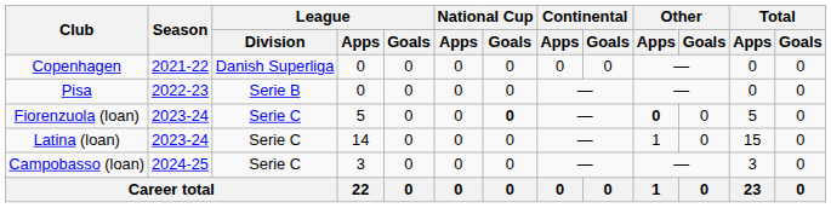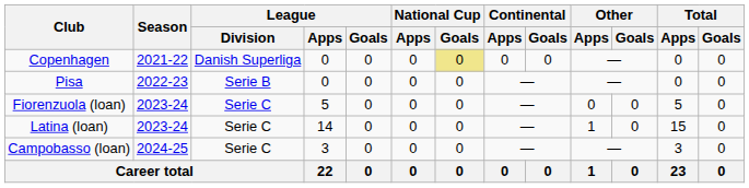 <table class="wikitable" style="text-align: center;">
 <tr>
 <th rowspan="2">Club</th>
 <th rowspan="2">Season</th>
 <th colspan="3">League</th>
 <th colspan="2">National Cup</th>
 <th colspan="2">Continental</th>
 <th colspan="2">Other</th>
 <th colspan="2">Total</th>
 </tr>
 <tr>
 <th>Division</th>
 <th>Apps</th>
 <th>Goals</th>
 <th>Apps</th>
 <th>Goals</th>
 <th>Apps</th>
 <th>Goals</th>
 <th>Apps</th>
 <th>Goals</th>
 <th>Apps</th>
 <th>Goals</th>
 </tr>
 <tr>
 <td><a href='#'>Copenhagen</a></td>
 <td><a href='#'>2021-22</a></td>
 <td><a href='#'>Danish Superliga</a></td>
 <td>0</td>
 <td>0</td>
 <td>0</td>
-<td>0</td>
+<td style="background: khaki;">0</td>
 <td>0</td>
 <td>0</td>
 <td colspan="2">—</td>
 <td>0</td>
 <td>0</td>
 </tr>
 <tr>
 <td><a href='#'>Pisa</a></td>
 <td><a href='#'>2022-23</a></td>
 <td><a href='#'>Serie B</a></td>
 <td>0</td>
 <td>0</td>
 <td>0</td>
 <td>0</td>
 <td colspan="2">—</td>
 <td colspan="2">—</td>
 <td>0</td>
 <td>0</td>
 </tr>
 <tr>
 <td><a href='#'>Fiorenzuola</a> (loan)</td>
 <td><a href='#'>2023-24</a></td>
 <td><a href='#'>Serie C</a></td>
 <td>5</td>
 <td>0</td>
 <td>0</td>
-<td><strong>0</strong></td>
+<td>0</td>
 <td colspan="2">—</td>
-<td><strong>0</strong></td>
+<td>0</td>
 <td>0</td>
 <td>5</td>
 <td>0</td>
 </tr>
 <tr>
 <td><a href='#'>Latina</a> (loan)</td>
 <td><a href='#'>2023-24</a></td>
 <td>Serie C</td>
 <td>14</td>
 <td>0</td>
 <td>0</td>
 <td>0</td>
 <td colspan="2">—</td>
 <td>1</td>
 <td>0</td>
 <td>15</td>
 <td>0</td>
 </tr>
 <tr>
 <td><a href='#'>Campobasso</a> (loan)</td>
 <td><a href='#'>2024-25</a></td>
 <td>Serie C</td>
 <td>3</td>
 <td>0</td>
 <td>0</td>
 <td>0</td>
 <td colspan="2">—</td>
 <td colspan="2">—</td>
 <td>3</td>
 <td>0</td>
 </tr>
 <tr>
 <th colspan="3">Career total</th>
 <th>22</th>
 <th>0</th>
 <th>0</th>
 <th>0</th>
 <th>0</th>
 <th>0</th>
 <th>1</th>
 <th>0</th>
 <th>23</th>
 <th>0</th>
 </tr>
 </table>
